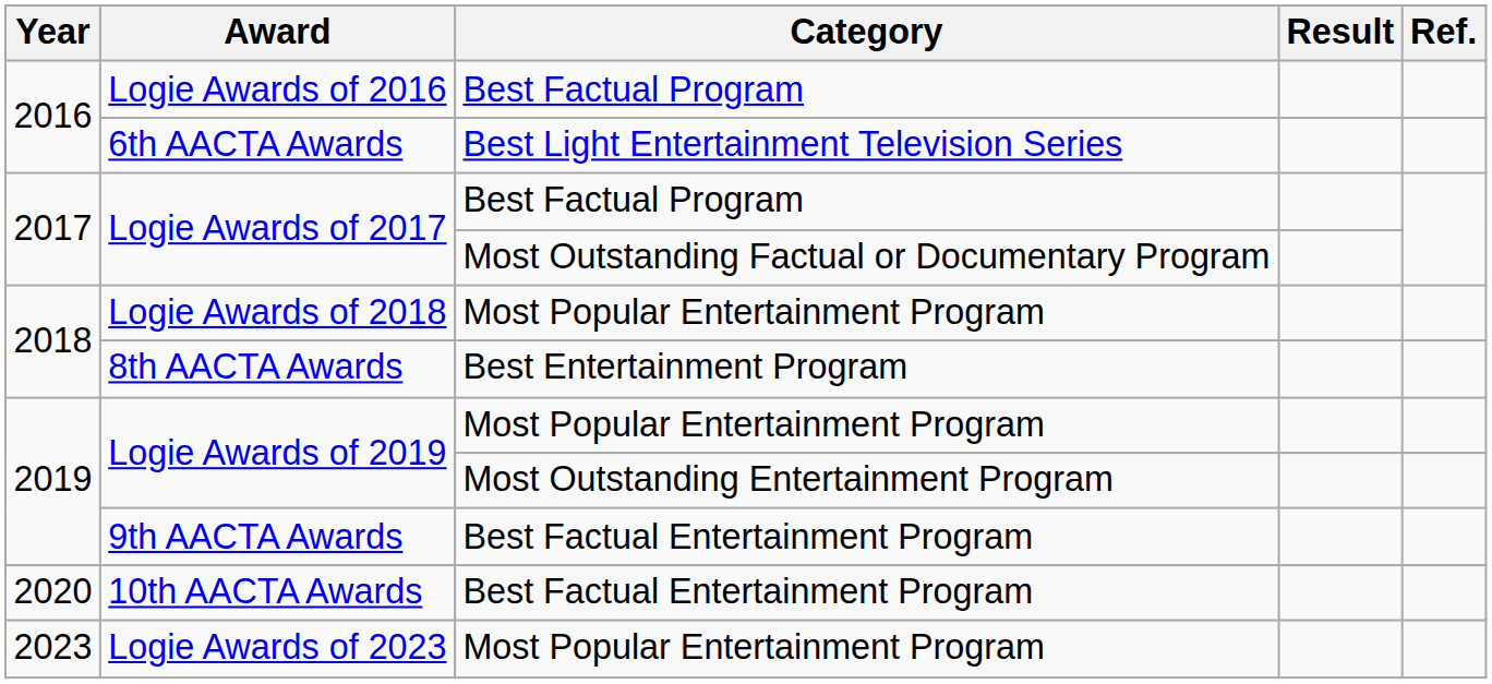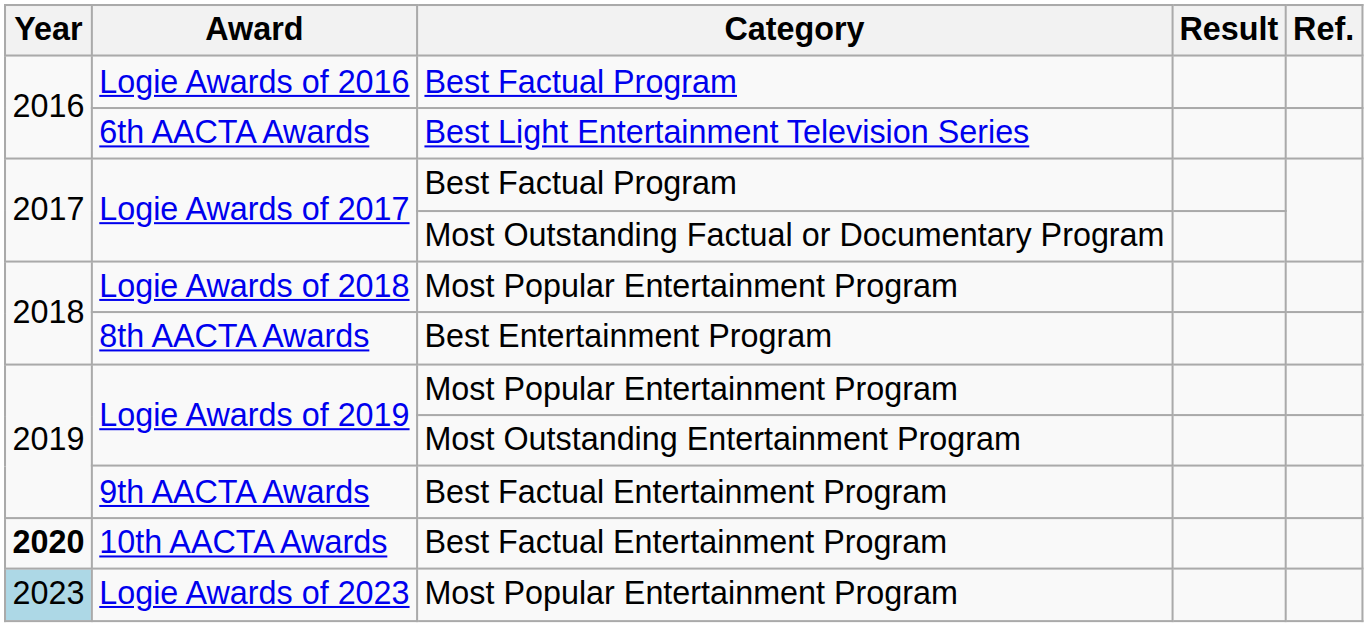 <table class="wikitable">
 <tr>
 <th>Year</th>
 <th>Award</th>
 <th>Category</th>
 <th>Result</th>
 <th>Ref.</th>
 </tr>
 <tr>
 <td rowspan="2">2016</td>
 <td><a href='#'>Logie Awards of 2016</a></td>
 <td><a href='#'>Best Factual Program</a></td>
 <td></td>
 <td></td>
 </tr>
 <tr>
 <td><a href='#'>6th AACTA Awards</a></td>
 <td><a href='#'>Best Light Entertainment Television Series</a></td>
 <td></td>
 <td></td>
 </tr>
 <tr>
 <td rowspan="2">2017</td>
 <td rowspan="2"><a href='#'>Logie Awards of 2017</a></td>
 <td>Best Factual Program</td>
 <td></td>
 <td rowspan="2"></td>
 </tr>
 <tr>
 <td>Most Outstanding Factual or Documentary Program</td>
 <td></td>
 </tr>
 <tr>
 <td rowspan="2">2018</td>
 <td><a href='#'>Logie Awards of 2018</a></td>
 <td>Most Popular Entertainment Program</td>
 <td></td>
 <td></td>
 </tr>
 <tr>
 <td><a href='#'>8th AACTA Awards</a></td>
 <td>Best Entertainment Program</td>
 <td></td>
 <td></td>
 </tr>
 <tr>
 <td rowspan="3">2019</td>
 <td rowspan="2"><a href='#'>Logie Awards of 2019</a></td>
 <td>Most Popular Entertainment Program</td>
 <td></td>
 <td></td>
 </tr>
 <tr>
 <td>Most Outstanding Entertainment Program</td>
 <td></td>
 <td></td>
 </tr>
 <tr>
 <td><a href='#'>9th AACTA Awards</a></td>
 <td>Best Factual Entertainment Program</td>
 <td></td>
 <td></td>
 </tr>
 <tr>
-<td>2020</td>
+<td><strong>2020</strong></td>
 <td><a href='#'>10th AACTA Awards</a></td>
 <td>Best Factual Entertainment Program</td>
 <td></td>
 <td></td>
 </tr>
 <tr>
-<td>2023</td>
+<td style="background: lightblue;">2023</td>
 <td><a href='#'>Logie Awards of 2023</a></td>
 <td>Most Popular Entertainment Program</td>
 <td></td>
 <td></td>
 </tr>
 </table>
